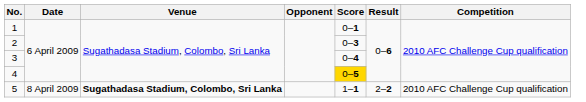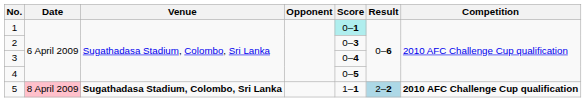 <table class="wikitable plainrowheaders sortable">
 <tr>
 <th scope="col">No.</th>
 <th scope="col">Date</th>
 <th scope="col">Venue</th>
 <th scope="col">Opponent</th>
 <th scope="col">Score</th>
 <th scope="col">Result</th>
 <th scope="col">Competition</th>
 </tr>
 <tr>
 <td align="center">1</td>
 <td rowspan="4">6 April 2009</td>
 <td rowspan="4"><a href='#'>Sugathadasa Stadium</a>, <a href='#'>Colombo</a>, <a href='#'>Sri Lanka</a></td>
 <td rowspan="4"></td>
-<td align="center">0–<strong>1</strong></td>
+<td align="center" style="background: paleturquoise;">0–<strong>1</strong></td>
 <td rowspan="4" align="center">0–<strong>6</strong></td>
 <td rowspan="4"><a href='#'>2010 AFC Challenge Cup qualification</a></td>
 </tr>
 <tr>
 <td align="center">2</td>
 <td align="center">0–<strong>3</strong></td>
 </tr>
 <tr>
 <td align="center">3</td>
 <td align="center">0–<strong>4</strong></td>
 </tr>
 <tr>
 <td align="center">4</td>
-<td align="center" style="background: gold;">0–<strong>5</strong></td>
+<td align="center">0–<strong>5</strong></td>
 </tr>
 <tr>
 <td align="center">5</td>
-<td>8 April 2009</td>
+<td style="background: pink;">8 April 2009</td>
 <td><strong>Sugathadasa Stadium, Colombo, Sri Lanka</strong></td>
 <td></td>
 <td align="center">1–<strong>1</strong></td>
-<td align="center">2–<strong>2</strong></td>
-<td>2010 AFC Challenge Cup qualification</td>
+<td align="center" style="background: lightblue;">2–<strong>2</strong></td>
+<td><strong>2010 AFC Challenge Cup qualification</strong></td>
 </tr>
 </table>
